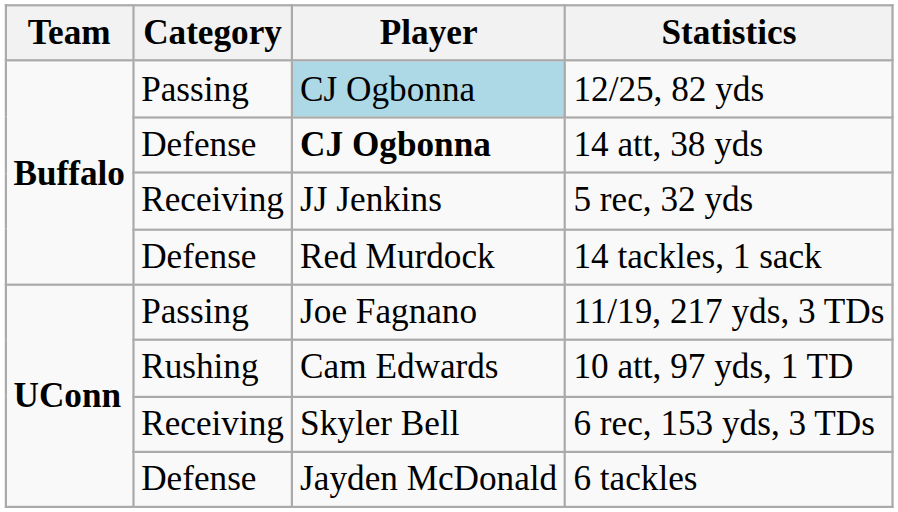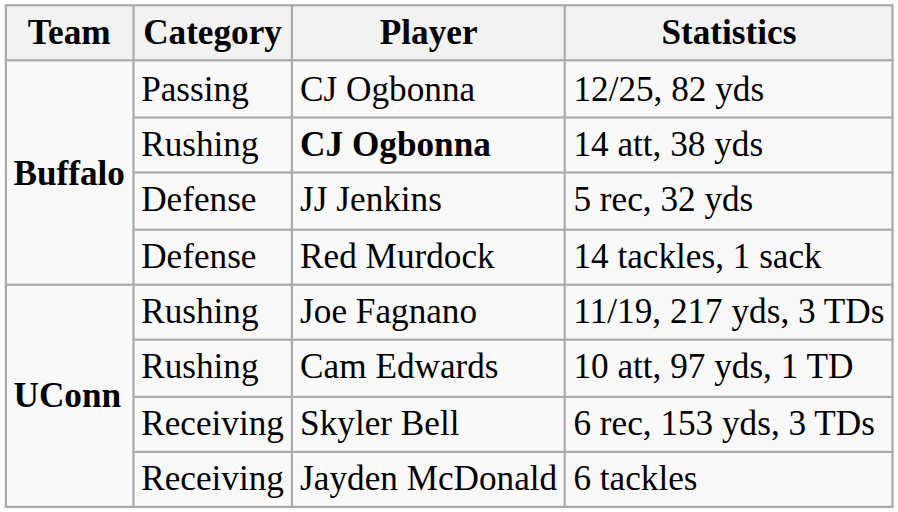 <table class="wikitable" style="float: right;">
 <tr>
 <th>Team</th>
 <th>Category</th>
 <th>Player</th>
 <th>Statistics</th>
 </tr>
 <tr>
 <td rowspan=4><strong>Buffalo</strong></td>
 <td>Passing</td>
-<td style="background: lightblue;">CJ Ogbonna</td>
+<td>CJ Ogbonna</td>
 <td>12/25, 82 yds</td>
 </tr>
 <tr>
-<td>Defense</td>
+<td>Rushing</td>
 <td><strong>CJ Ogbonna</strong></td>
 <td>14 att, 38 yds</td>
 </tr>
 <tr>
-<td>Receiving</td>
+<td>Defense</td>
 <td>JJ Jenkins</td>
 <td>5 rec, 32 yds</td>
 </tr>
 <tr>
 <td>Defense</td>
 <td>Red Murdock</td>
 <td>14 tackles, 1 sack</td>
 </tr>
 <tr>
 <td rowspan=4><strong>UConn</strong></td>
-<td>Passing</td>
+<td>Rushing</td>
 <td>Joe Fagnano</td>
 <td>11/19, 217 yds, 3 TDs</td>
 </tr>
 <tr>
 <td>Rushing</td>
 <td>Cam Edwards</td>
 <td>10 att, 97 yds, 1 TD</td>
 </tr>
 <tr>
 <td>Receiving</td>
 <td>Skyler Bell</td>
 <td>6 rec, 153 yds, 3 TDs</td>
 </tr>
 <tr>
-<td>Defense</td>
+<td>Receiving</td>
 <td>Jayden McDonald</td>
 <td>6 tackles</td>
 </tr>
 </table>
